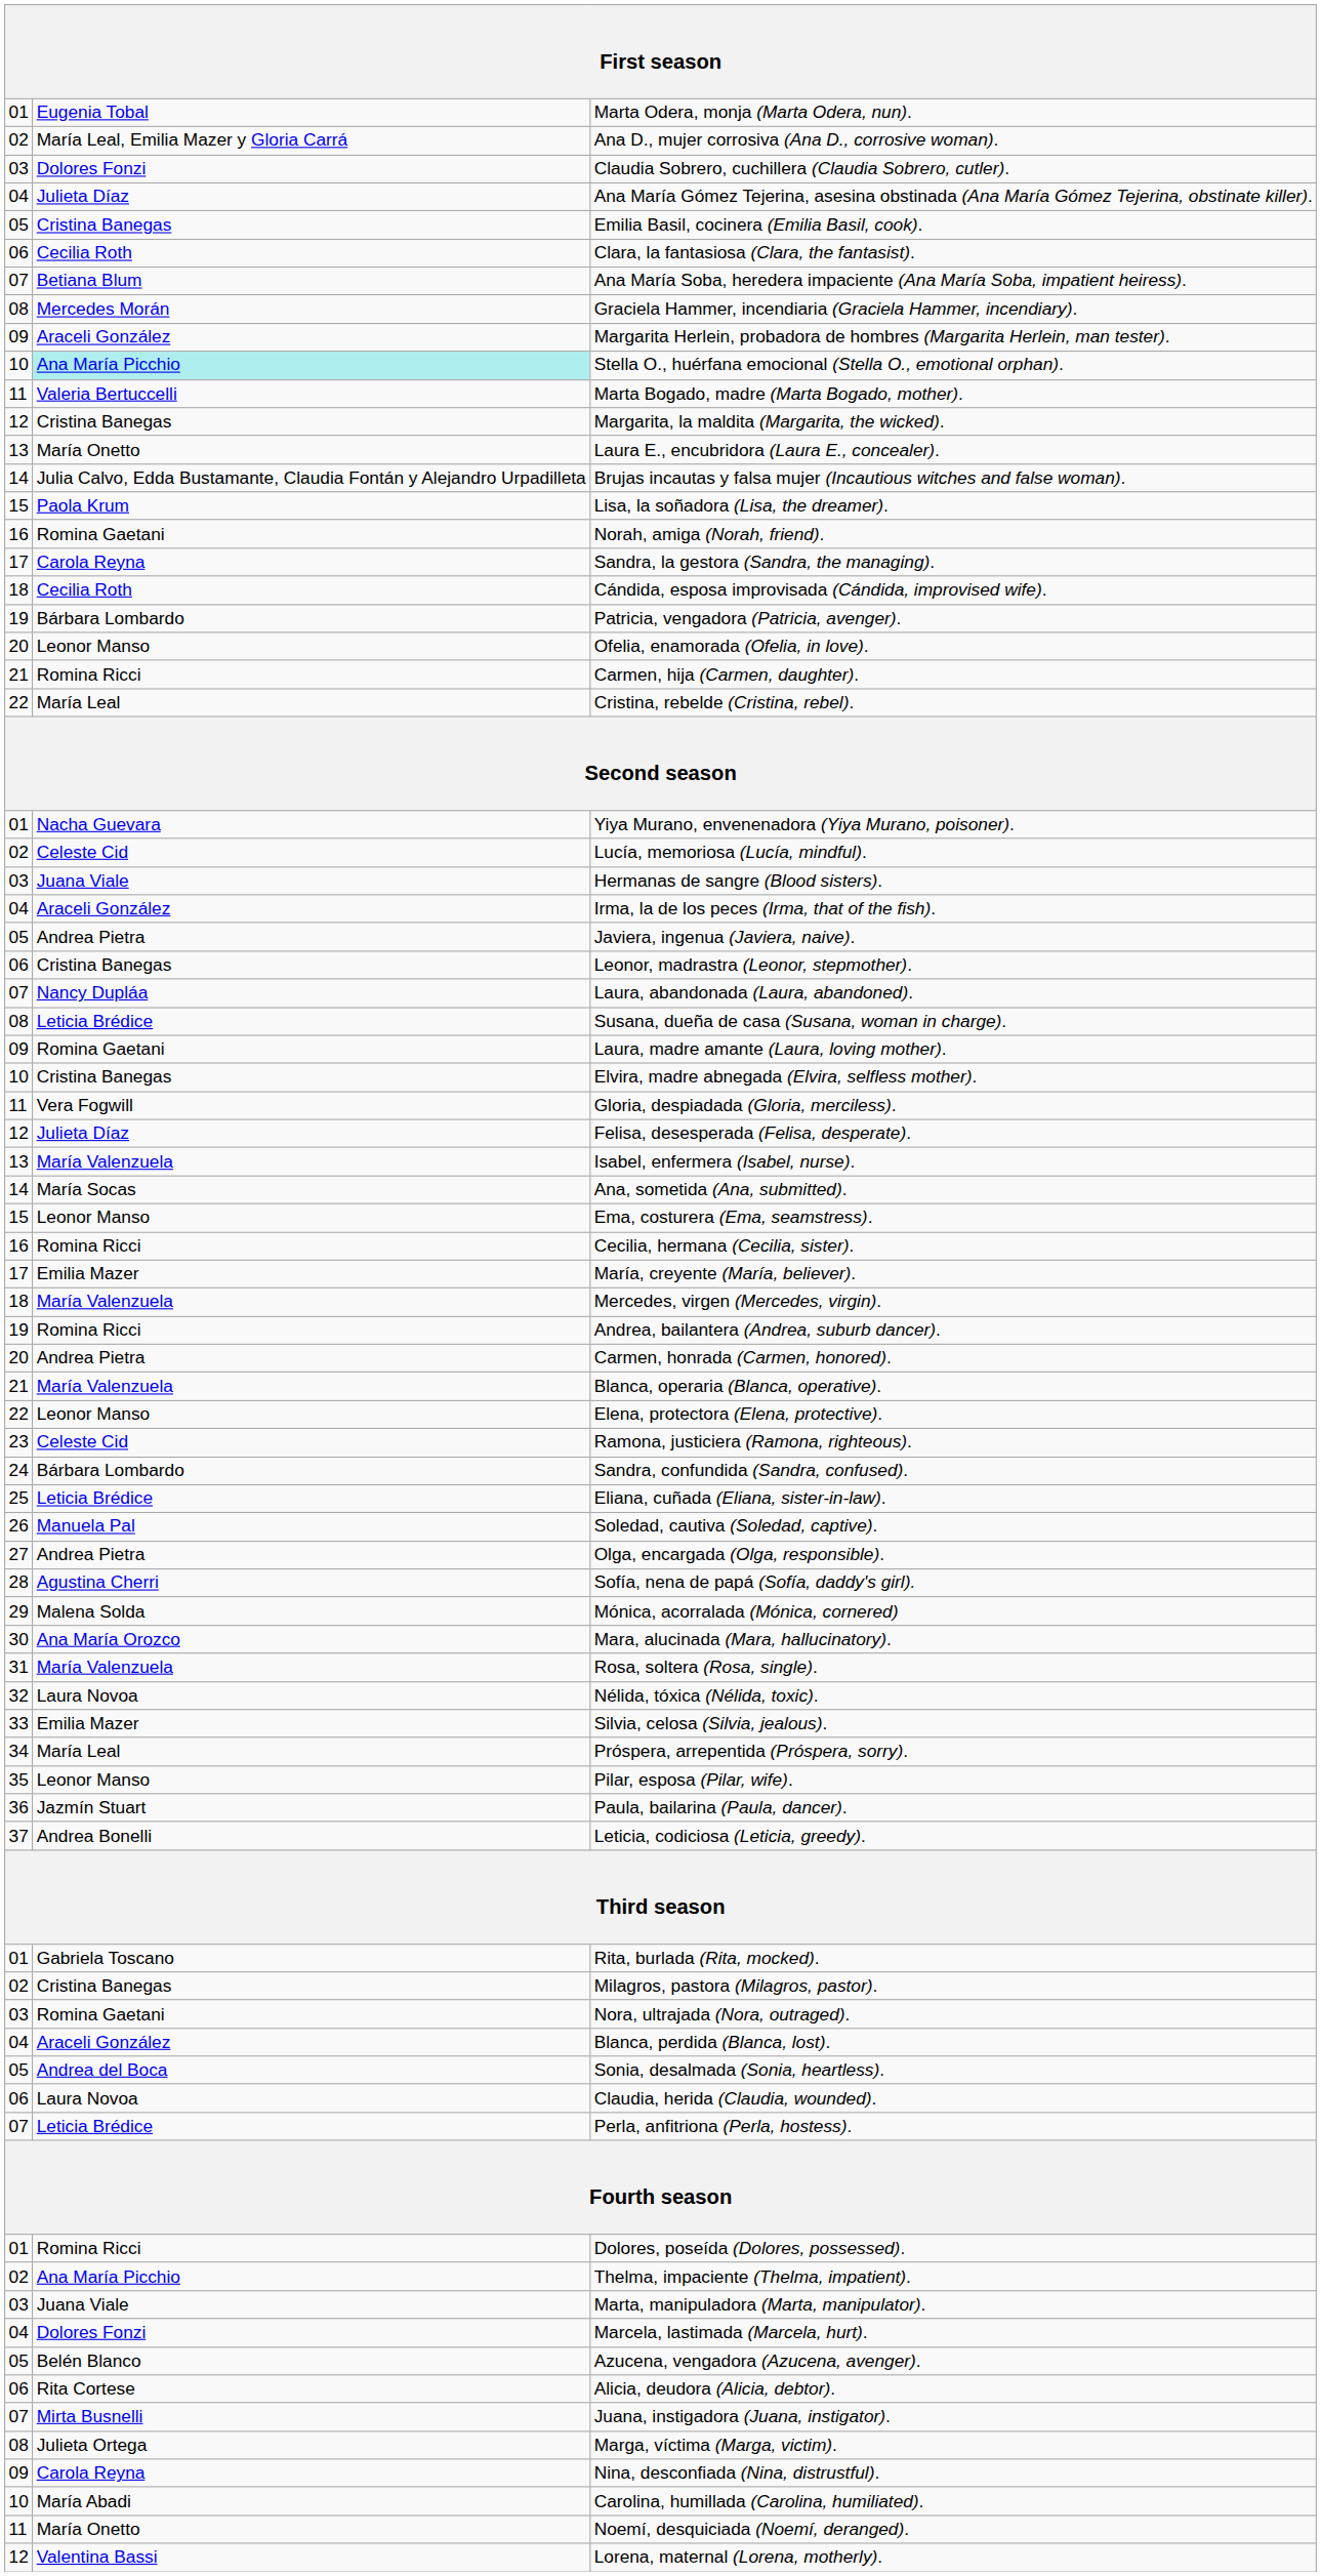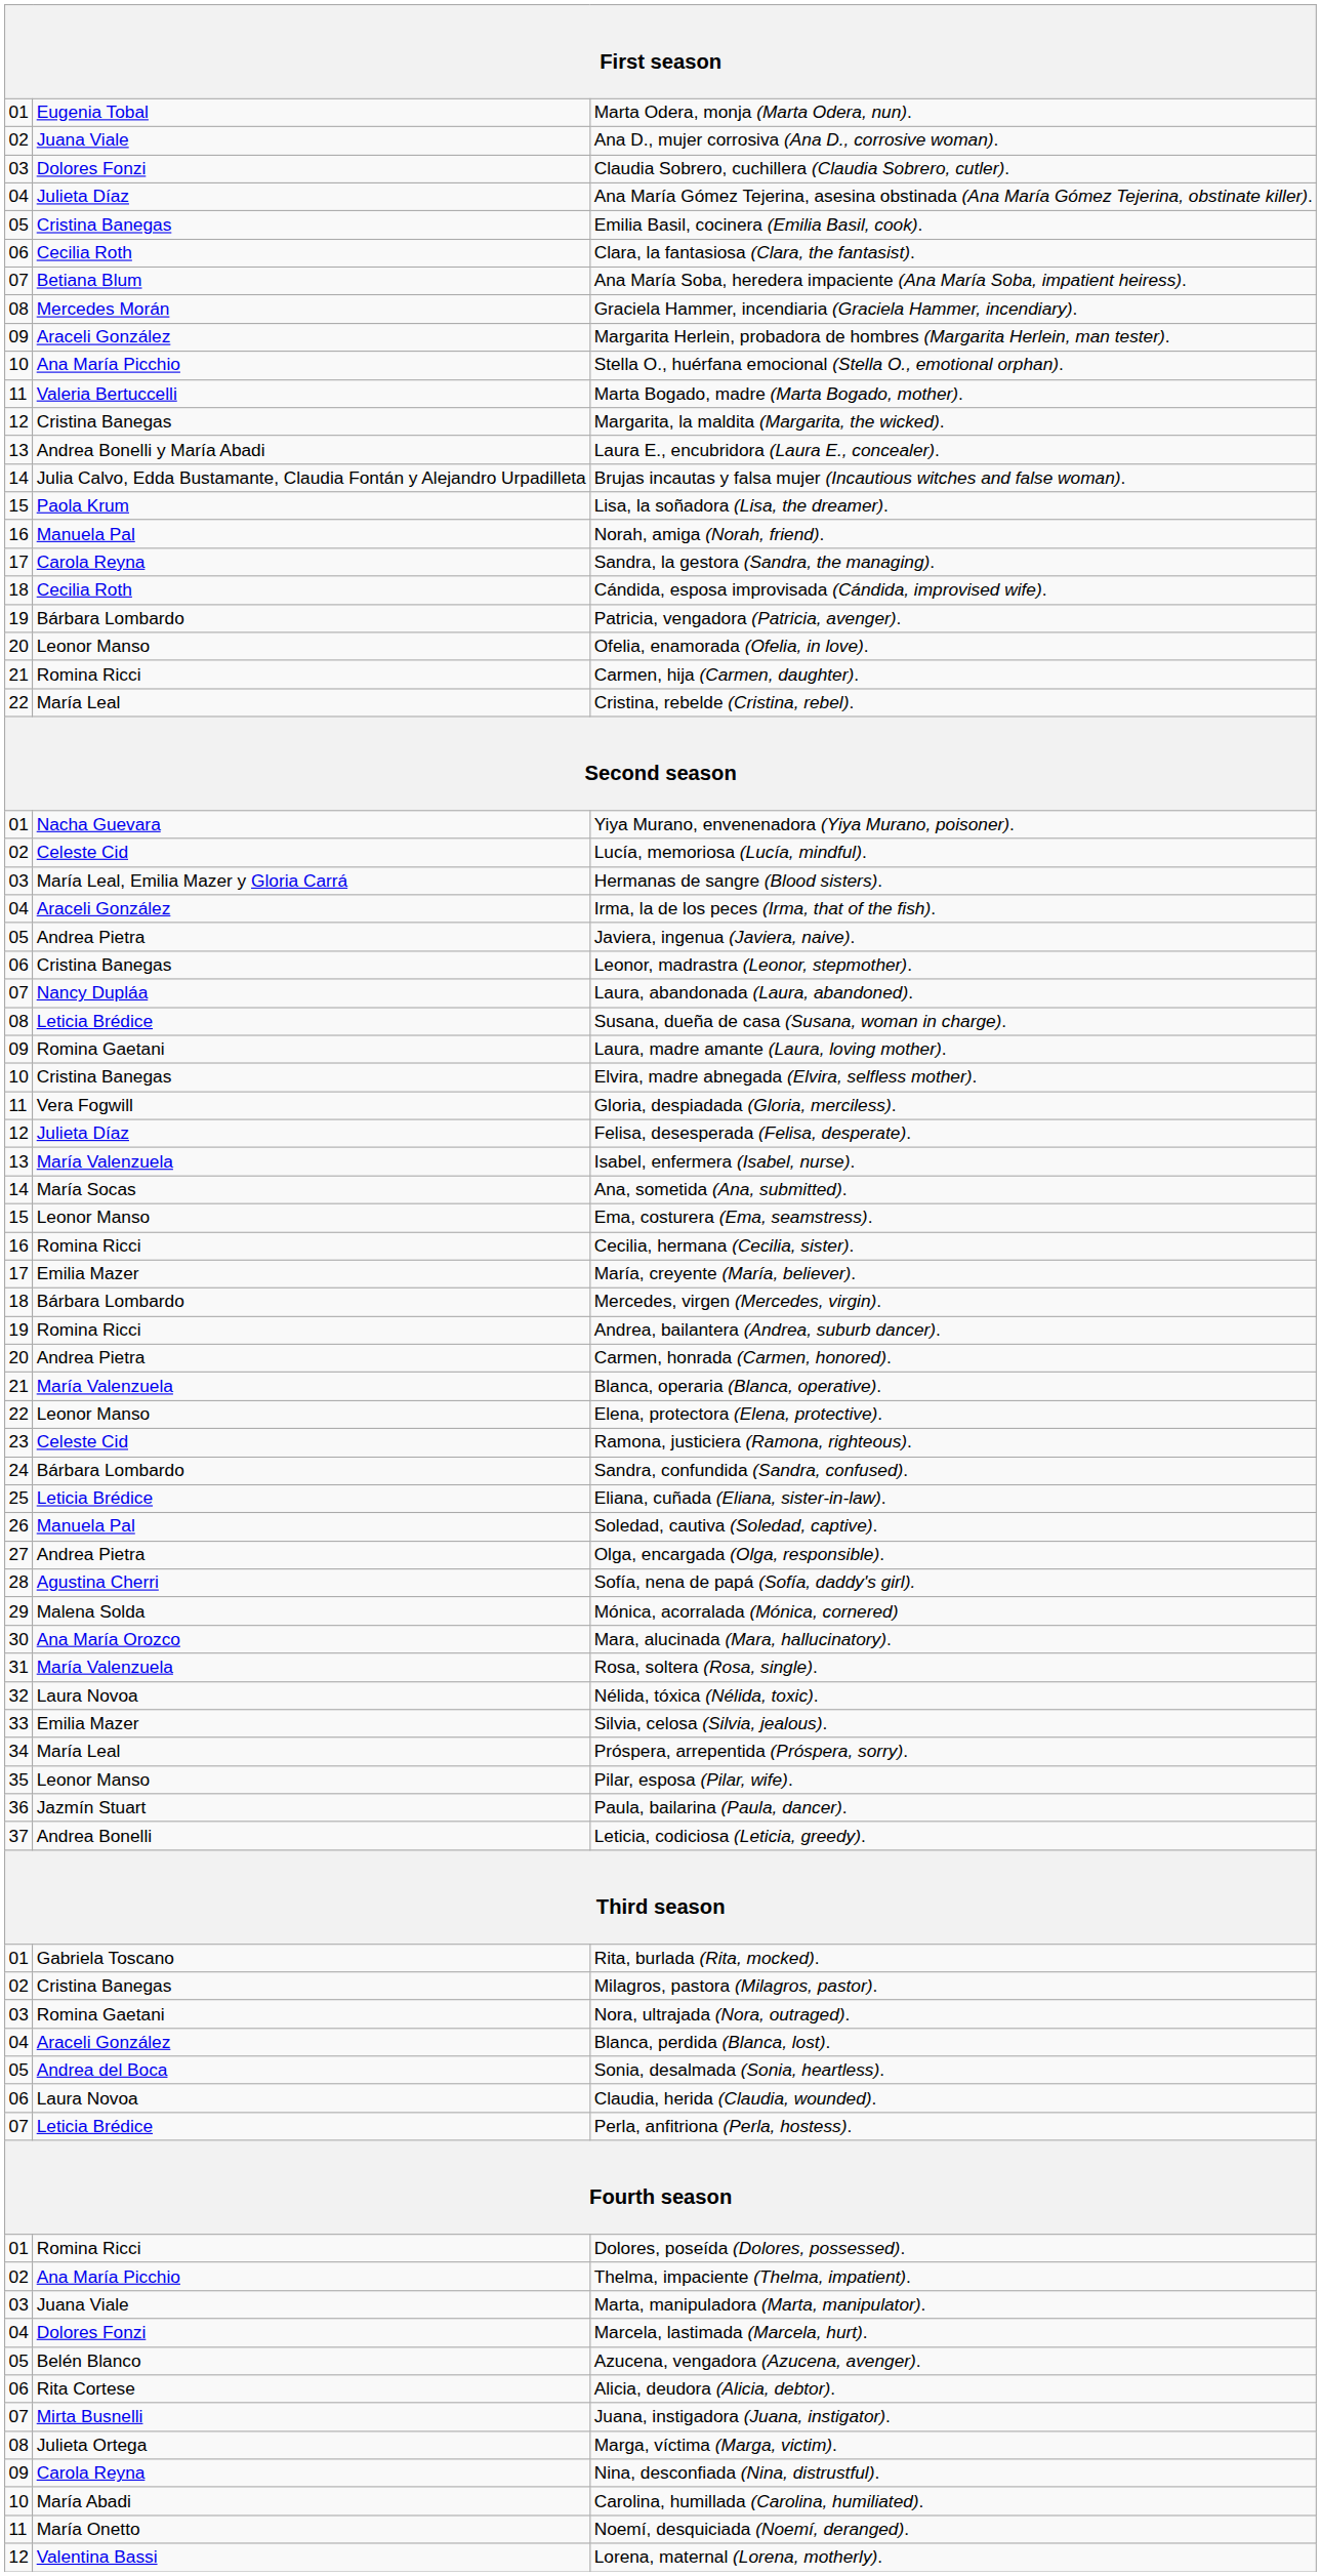 <table class="wikitable">
 <tr>
 <th colspan=3><br><h3>First season</h3></th>
 </tr>
 <tr>
 <td>01</td>
 <td><a href='#'>Eugenia Tobal</a></td>
 <td>Marta Odera, monja <em>(Marta Odera, nun)</em>.</td>
 </tr>
 <tr>
 <td>02</td>
-<td>María Leal, Emilia Mazer y <a href='#'>Gloria Carrá</a></td>
+<td><a href='#'>Juana Viale</a></td>
 <td>Ana D., mujer corrosiva <em>(Ana D., corrosive woman)</em>.</td>
 </tr>
 <tr>
 <td>03</td>
 <td><a href='#'>Dolores Fonzi</a></td>
 <td>Claudia Sobrero, cuchillera <em>(Claudia Sobrero, cutler)</em>.</td>
 </tr>
 <tr>
 <td>04</td>
 <td><a href='#'>Julieta Díaz</a></td>
 <td>Ana María Gómez Tejerina, asesina obstinada <em>(Ana María Gómez Tejerina, obstinate killer)</em>.</td>
 </tr>
 <tr>
 <td>05</td>
 <td><a href='#'>Cristina Banegas</a></td>
 <td>Emilia Basil, cocinera <em>(Emilia Basil, cook)</em>.</td>
 </tr>
 <tr>
 <td>06</td>
 <td><a href='#'>Cecilia Roth</a></td>
 <td>Clara, la fantasiosa <em>(Clara, the fantasist)</em>.</td>
 </tr>
 <tr>
 <td>07</td>
 <td><a href='#'>Betiana Blum</a></td>
 <td>Ana María Soba, heredera impaciente <em>(Ana María Soba, impatient heiress)</em>.</td>
 </tr>
 <tr>
 <td>08</td>
 <td><a href='#'>Mercedes Morán</a></td>
 <td>Graciela Hammer, incendiaria <em>(Graciela Hammer, incendiary)</em>.</td>
 </tr>
 <tr>
 <td>09</td>
 <td><a href='#'>Araceli González</a></td>
 <td>Margarita Herlein, probadora de hombres <em>(Margarita Herlein, man tester)</em>.</td>
 </tr>
 <tr>
 <td>10</td>
-<td style="background: paleturquoise;"><a href='#'>Ana María Picchio</a></td>
+<td><a href='#'>Ana María Picchio</a></td>
 <td>Stella O., huérfana emocional <em>(Stella O., emotional orphan)</em>.</td>
 </tr>
 <tr>
 <td>11</td>
 <td><a href='#'>Valeria Bertuccelli</a></td>
 <td>Marta Bogado, madre <em>(Marta Bogado, mother)</em>.</td>
 </tr>
 <tr>
 <td>12</td>
 <td>Cristina Banegas</td>
 <td>Margarita, la maldita <em>(Margarita, the wicked)</em>.</td>
 </tr>
 <tr>
 <td>13</td>
-<td>María Onetto</td>
+<td>Andrea Bonelli y María Abadi</td>
 <td>Laura E., encubridora <em>(Laura E., concealer)</em>.</td>
 </tr>
 <tr>
 <td>14</td>
 <td>Julia Calvo, Edda Bustamante, Claudia Fontán y Alejandro Urpadilleta</td>
 <td>Brujas incautas y falsa mujer <em>(Incautious witches and false woman)</em>.</td>
 </tr>
 <tr>
 <td>15</td>
 <td><a href='#'>Paola Krum</a></td>
 <td>Lisa, la soñadora <em>(Lisa, the dreamer)</em>.</td>
 </tr>
 <tr>
 <td>16</td>
-<td>Romina Gaetani</td>
+<td><a href='#'>Manuela Pal</a></td>
 <td>Norah, amiga <em>(Norah, friend)</em>.</td>
 </tr>
 <tr>
 <td>17</td>
 <td><a href='#'>Carola Reyna</a></td>
 <td>Sandra, la gestora <em>(Sandra, the managing)</em>.</td>
 </tr>
 <tr>
 <td>18</td>
 <td><a href='#'>Cecilia Roth</a></td>
 <td>Cándida, esposa improvisada <em>(Cándida, improvised wife)</em>.</td>
 </tr>
 <tr>
 <td>19</td>
 <td>Bárbara Lombardo</td>
 <td>Patricia, vengadora <em>(Patricia, avenger)</em>.</td>
 </tr>
 <tr>
 <td>20</td>
 <td>Leonor Manso</td>
 <td>Ofelia, enamorada <em>(Ofelia, in love)</em>.</td>
 </tr>
 <tr>
 <td>21</td>
 <td>Romina Ricci</td>
 <td>Carmen, hija <em>(Carmen, daughter)</em>.</td>
 </tr>
 <tr>
 <td>22</td>
 <td>María Leal</td>
 <td>Cristina, rebelde <em>(Cristina, rebel)</em>.</td>
 </tr>
 <tr>
 <th colspan=3><br><h3>Second season</h3></th>
 </tr>
 <tr>
 <td>01</td>
 <td><a href='#'>Nacha Guevara</a></td>
 <td>Yiya Murano, envenenadora <em>(Yiya Murano, poisoner)</em>.</td>
 </tr>
 <tr>
 <td>02</td>
 <td><a href='#'>Celeste Cid</a></td>
 <td>Lucía, memoriosa <em>(Lucía, mindful)</em>.</td>
 </tr>
 <tr>
 <td>03</td>
-<td><a href='#'>Juana Viale</a></td>
+<td>María Leal, Emilia Mazer y <a href='#'>Gloria Carrá</a></td>
 <td>Hermanas de sangre <em>(Blood sisters)</em>.</td>
 </tr>
 <tr>
 <td>04</td>
 <td><a href='#'>Araceli González</a></td>
 <td>Irma, la de los peces <em>(Irma, that of the fish)</em>.</td>
 </tr>
 <tr>
 <td>05</td>
 <td>Andrea Pietra</td>
 <td>Javiera, ingenua <em>(Javiera, naive)</em>.</td>
 </tr>
 <tr>
 <td>06</td>
 <td>Cristina Banegas</td>
 <td>Leonor, madrastra <em>(Leonor, stepmother)</em>.</td>
 </tr>
 <tr>
 <td>07</td>
 <td><a href='#'>Nancy Dupláa</a></td>
 <td>Laura, abandonada <em>(Laura, abandoned)</em>.</td>
 </tr>
 <tr>
 <td>08</td>
 <td><a href='#'>Leticia Brédice</a></td>
 <td>Susana, dueña de casa <em>(Susana, woman in charge)</em>.</td>
 </tr>
 <tr>
 <td>09</td>
 <td>Romina Gaetani</td>
 <td>Laura, madre amante <em>(Laura, loving mother)</em>.</td>
 </tr>
 <tr>
 <td>10</td>
 <td>Cristina Banegas</td>
 <td>Elvira, madre abnegada <em>(Elvira, selfless mother)</em>.</td>
 </tr>
 <tr>
 <td>11</td>
 <td>Vera Fogwill</td>
 <td>Gloria, despiadada <em>(Gloria, merciless)</em>.</td>
 </tr>
 <tr>
 <td>12</td>
 <td><a href='#'>Julieta Díaz</a></td>
 <td>Felisa, desesperada <em>(Felisa, desperate)</em>.</td>
 </tr>
 <tr>
 <td>13</td>
 <td><a href='#'>María Valenzuela</a></td>
 <td>Isabel, enfermera <em>(Isabel, nurse)</em>.</td>
 </tr>
 <tr>
 <td>14</td>
 <td>María Socas</td>
 <td>Ana, sometida <em>(Ana, submitted)</em>.</td>
 </tr>
 <tr>
 <td>15</td>
 <td>Leonor Manso</td>
 <td>Ema, costurera <em>(Ema, seamstress)</em>.</td>
 </tr>
 <tr>
 <td>16</td>
 <td>Romina Ricci</td>
 <td>Cecilia, hermana <em>(Cecilia, sister)</em>.</td>
 </tr>
 <tr>
 <td>17</td>
 <td>Emilia Mazer</td>
 <td>María, creyente <em>(María, believer)</em>.</td>
 </tr>
 <tr>
 <td>18</td>
-<td><a href='#'>María Valenzuela</a></td>
+<td>Bárbara Lombardo</td>
 <td>Mercedes, virgen <em>(Mercedes, virgin)</em>.</td>
 </tr>
 <tr>
 <td>19</td>
 <td>Romina Ricci</td>
 <td>Andrea, bailantera <em>(Andrea, suburb dancer)</em>.</td>
 </tr>
 <tr>
 <td>20</td>
 <td>Andrea Pietra</td>
 <td>Carmen, honrada <em>(Carmen, honored)</em>.</td>
 </tr>
 <tr>
 <td>21</td>
 <td><a href='#'>María Valenzuela</a></td>
 <td>Blanca, operaria <em>(Blanca, operative)</em>.</td>
 </tr>
 <tr>
 <td>22</td>
 <td>Leonor Manso</td>
 <td>Elena, protectora <em>(Elena, protective)</em>.</td>
 </tr>
 <tr>
 <td>23</td>
 <td><a href='#'>Celeste Cid</a></td>
 <td>Ramona, justiciera <em>(Ramona, righteous)</em>.</td>
 </tr>
 <tr>
 <td>24</td>
 <td>Bárbara Lombardo</td>
 <td>Sandra, confundida <em>(Sandra, confused)</em>.</td>
 </tr>
 <tr>
 <td>25</td>
 <td><a href='#'>Leticia Brédice</a></td>
 <td>Eliana, cuñada <em>(Eliana, sister-in-law)</em>.</td>
 </tr>
 <tr>
 <td>26</td>
 <td><a href='#'>Manuela Pal</a></td>
 <td>Soledad, cautiva <em>(Soledad, captive)</em>.</td>
 </tr>
 <tr>
 <td>27</td>
 <td>Andrea Pietra</td>
 <td>Olga, encargada <em>(Olga, responsible)</em>.</td>
 </tr>
 <tr>
 <td>28</td>
 <td><a href='#'>Agustina Cherri</a></td>
 <td>Sofía, nena de papá <em>(Sofía, daddy's girl).</em></td>
 </tr>
 <tr>
 <td>29</td>
 <td>Malena Solda</td>
 <td>Mónica, acorralada <em>(Mónica, cornered)</em></td>
 </tr>
 <tr>
 <td>30</td>
 <td><a href='#'>Ana María Orozco</a></td>
 <td>Mara, alucinada <em>(Mara, hallucinatory)</em>.</td>
 </tr>
 <tr>
 <td>31</td>
 <td><a href='#'>María Valenzuela</a></td>
 <td>Rosa, soltera <em>(Rosa, single)</em>.</td>
 </tr>
 <tr>
 <td>32</td>
 <td>Laura Novoa</td>
 <td>Nélida, tóxica <em>(Nélida, toxic)</em>.</td>
 </tr>
 <tr>
 <td>33</td>
 <td>Emilia Mazer</td>
 <td>Silvia, celosa <em>(Silvia, jealous)</em>.</td>
 </tr>
 <tr>
 <td>34</td>
 <td>María Leal</td>
 <td>Próspera, arrepentida <em>(Próspera, sorry)</em>.</td>
 </tr>
 <tr>
 <td>35</td>
 <td>Leonor Manso</td>
 <td>Pilar, esposa <em>(Pilar, wife)</em>.</td>
 </tr>
 <tr>
 <td>36</td>
 <td>Jazmín Stuart</td>
 <td>Paula, bailarina <em>(Paula, dancer)</em>.</td>
 </tr>
 <tr>
 <td>37</td>
 <td>Andrea Bonelli</td>
 <td>Leticia, codiciosa <em>(Leticia, greedy)</em>.</td>
 </tr>
 <tr>
 <th colspan=3><br><h3>Third season</h3></th>
 </tr>
 <tr>
 <td>01</td>
 <td>Gabriela Toscano</td>
 <td>Rita, burlada <em>(Rita, mocked)</em>.</td>
 </tr>
 <tr>
 <td>02</td>
 <td>Cristina Banegas</td>
 <td>Milagros, pastora <em>(Milagros, pastor)</em>.</td>
 </tr>
 <tr>
 <td>03</td>
 <td>Romina Gaetani</td>
 <td>Nora, ultrajada <em>(Nora, outraged)</em>.</td>
 </tr>
 <tr>
 <td>04</td>
 <td><a href='#'>Araceli González</a></td>
 <td>Blanca, perdida <em>(Blanca, lost)</em>.</td>
 </tr>
 <tr>
 <td>05</td>
 <td><a href='#'>Andrea del Boca</a></td>
 <td>Sonia, desalmada <em>(Sonia, heartless)</em>.</td>
 </tr>
 <tr>
 <td>06</td>
 <td>Laura Novoa</td>
 <td>Claudia, herida <em>(Claudia, wounded)</em>.</td>
 </tr>
 <tr>
 <td>07</td>
 <td><a href='#'>Leticia Brédice</a></td>
 <td>Perla, anfitriona <em>(Perla, hostess)</em>.</td>
 </tr>
 <tr>
 <th colspan=3><br><h3>Fourth season</h3></th>
 </tr>
 <tr>
 <td>01</td>
 <td>Romina Ricci</td>
 <td>Dolores, poseída <em>(Dolores, possessed)</em>.</td>
 </tr>
 <tr>
 <td>02</td>
 <td><a href='#'>Ana María Picchio</a></td>
 <td>Thelma, impaciente <em>(Thelma, impatient)</em>.</td>
 </tr>
 <tr>
 <td>03</td>
 <td>Juana Viale</td>
 <td>Marta, manipuladora <em>(Marta, manipulator)</em>.</td>
 </tr>
 <tr>
 <td>04</td>
 <td><a href='#'>Dolores Fonzi</a></td>
 <td>Marcela, lastimada <em>(Marcela, hurt)</em>.</td>
 </tr>
 <tr>
 <td>05</td>
 <td>Belén Blanco</td>
 <td>Azucena, vengadora <em>(Azucena, avenger)</em>.</td>
 </tr>
 <tr>
 <td>06</td>
 <td>Rita Cortese</td>
 <td>Alicia, deudora <em>(Alicia, debtor)</em>.</td>
 </tr>
 <tr>
 <td>07</td>
 <td><a href='#'>Mirta Busnelli</a></td>
 <td>Juana, instigadora <em>(Juana, instigator)</em>.</td>
 </tr>
 <tr>
 <td>08</td>
 <td>Julieta Ortega</td>
 <td>Marga, víctima <em>(Marga, victim)</em>.</td>
 </tr>
 <tr>
 <td>09</td>
 <td><a href='#'>Carola Reyna</a></td>
 <td>Nina, desconfiada <em>(Nina, distrustful)</em>.</td>
 </tr>
 <tr>
 <td>10</td>
 <td>María Abadi</td>
 <td>Carolina, humillada <em>(Carolina, humiliated)</em>.</td>
 </tr>
 <tr>
 <td>11</td>
 <td>María Onetto</td>
 <td>Noemí, desquiciada <em>(Noemí, deranged)</em>.</td>
 </tr>
 <tr>
 <td>12</td>
 <td><a href='#'>Valentina Bassi</a></td>
 <td>Lorena, maternal <em>(Lorena, motherly)</em>.</td>
 </tr>
 </table>
